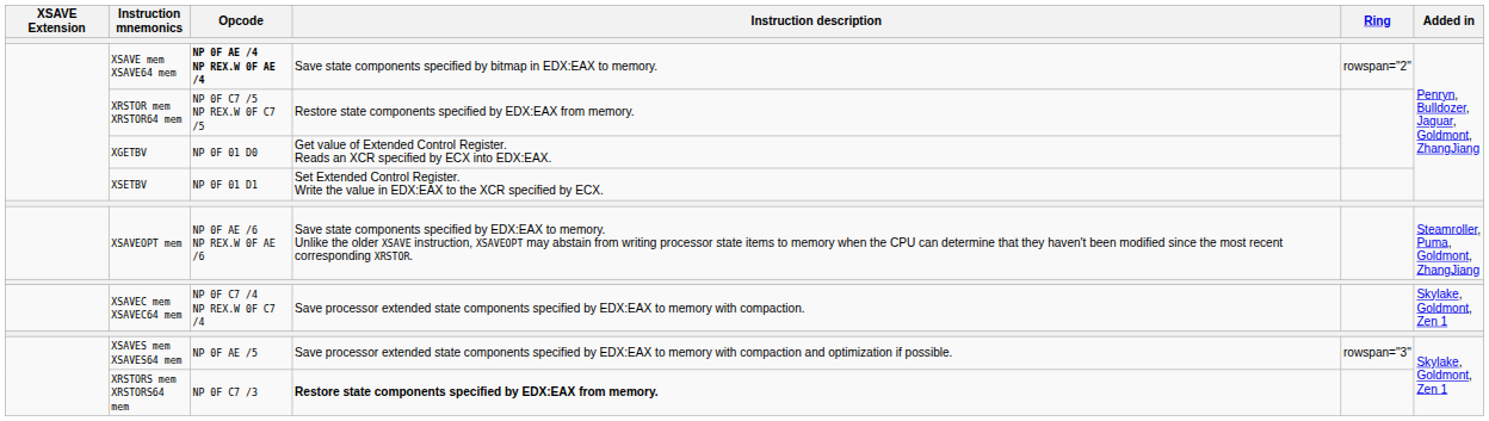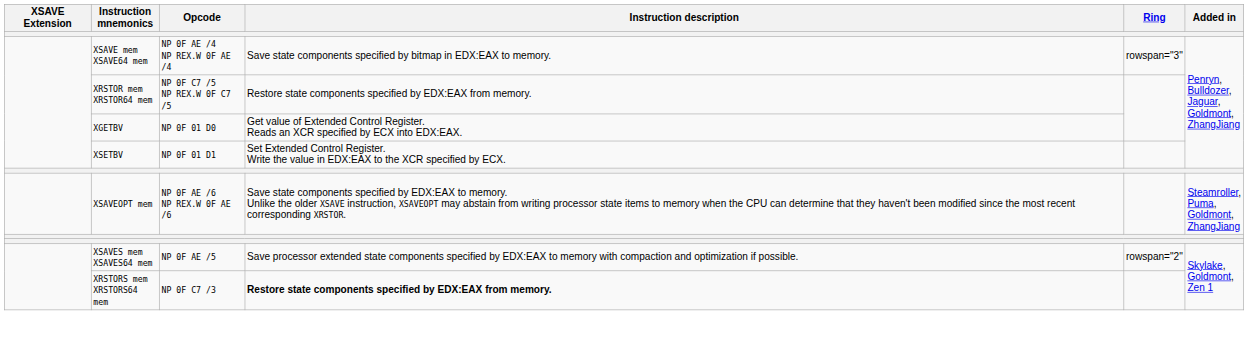 <table class="wikitable sortable">
 <tr>
 <th>XSAVE Extension</th>
 <th>Instruction<br>mnemonics</th>
 <th>Opcode</th>
 <th>Instruction description</th>
 <th><a href='#'>Ring</a></th>
 <th>Added in</th>
 </tr>
 <tr>
 <th colspan="6"></th>
 </tr>
 <tr>
 <td rowspan="4"></td>
 <td><code>XSAVE mem</code><br><code>XSAVE64 mem</code></td>
-<td><strong><code>NP 0F AE /4</code><br><code>NP REX.W 0F AE /4</code></strong></td>
+<td><code>NP 0F AE /4</code><br><code>NP REX.W 0F AE /4</code></td>
 <td>Save state components specified by bitmap in EDX:EAX to memory.</td>
-<td>rowspan="2" </td>
+<td>rowspan="3" </td>
 <td rowspan="4"><a href='#'>Penryn</a>,<br><a href='#'>Bulldozer</a>,<br><a href='#'>Jaguar</a>,<br><a href='#'>Goldmont</a>,<br><a href='#'>ZhangJiang</a></td>
 </tr>
 <tr>
 <td><code>XRSTOR mem</code><br><code>XRSTOR64 mem</code></td>
 <td><code>NP 0F C7 /5</code><br><code>NP REX.W 0F C7 /5</code></td>
 <td>Restore state components specified by EDX:EAX from memory.</td>
 </tr>
 <tr>
 <td><code>XGETBV</code></td>
 <td><code>NP 0F 01 D0</code></td>
 <td>Get value of Extended Control Register.<br>Reads an XCR specified by ECX into EDX:EAX.</td>
 </tr>
 <tr>
 <td><code>XSETBV</code></td>
 <td><code>NP 0F 01 D1</code></td>
 <td>Set Extended Control Register.<br>Write the value in EDX:EAX to the XCR specified by ECX.</td>
 <td></td>
 </tr>
 <tr>
 <th colspan="6"></th>
 </tr>
 <tr>
 <td></td>
 <td><code>XSAVEOPT mem</code><br></td>
 <td><code>NP 0F AE /6</code><br><code>NP REX.W 0F AE /6</code></td>
 <td>Save state components specified by EDX:EAX to memory.<br>Unlike the older <code>XSAVE</code> instruction, <code>XSAVEOPT</code> may abstain from writing processor state items to memory when the CPU can determine that they haven't been modified since the most recent corresponding <code>XRSTOR</code>.</td>
 <td></td>
 <td><br><a href='#'>Steamroller</a>,<br><a href='#'>Puma</a>,<br><a href='#'>Goldmont</a>,<br><a href='#'>ZhangJiang</a></td>
 </tr>
 <tr>
 <th colspan="6"></th>
 </tr>
 <tr>
-<td></td>
-<td><code>XSAVEC mem</code><br><code>XSAVEC64 mem</code></td>
-<td><code>NP 0F C7 /4</code><br><code>NP REX.W 0F C7 /4</code></td>
-<td>Save processor extended state components specified by EDX:EAX to memory with compaction.</td>
-<td></td>
-<td><a href='#'>Skylake</a>,<br><a href='#'>Goldmont</a>,<br><a href='#'>Zen 1</a></td>
-</tr>
-<tr>
 <th colspan="6"></th>
 </tr>
 <tr>
 <td rowspan="2"></td>
 <td><code>XSAVES mem</code><br><code>XSAVES64 mem</code></td>
 <td><code>NP 0F AE /5</code><br></td>
 <td>Save processor extended state components specified by EDX:EAX to memory with compaction and optimization if possible.</td>
-<td>rowspan="3" </td>
+<td>rowspan="2" </td>
 <td rowspan="2"><a href='#'>Skylake</a>,<br><a href='#'>Goldmont</a>,<br><a href='#'>Zen 1</a></td>
 </tr>
 <tr>
 <td><code>XRSTORS mem</code><br><code>XRSTORS64 mem</code></td>
 <td><code>NP 0F C7 /3</code><br></td>
 <td><strong>Restore state components specified by EDX:EAX from memory.</strong></td>
 </tr>
 </table>
